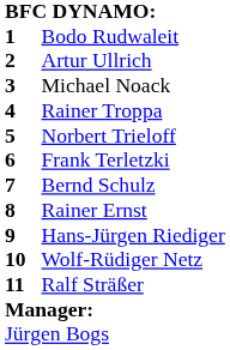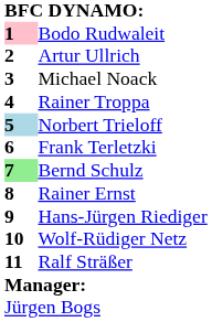 <table style="font-size: 90%" cellspacing="0" cellpadding="0">
 <tr>
 <td colspan="4"><strong>BFC DYNAMO:</strong></td>
 </tr>
 <tr>
 <th width="25"></th>
 </tr>
 <tr>
-<td><strong>1</strong></td>
+<td style="background: pink;"><strong>1</strong></td>
 <td> <a href='#'>Bodo Rudwaleit</a></td>
 </tr>
 <tr>
 <td><strong>2</strong></td>
 <td> <a href='#'>Artur Ullrich</a></td>
 </tr>
 <tr>
 <td><strong>3</strong></td>
 <td> Michael Noack</td>
 </tr>
 <tr>
 <td><strong>4</strong></td>
 <td> <a href='#'>Rainer Troppa</a></td>
 </tr>
 <tr>
-<td><strong>5</strong></td>
+<td style="background: lightblue;"><strong>5</strong></td>
 <td> <a href='#'>Norbert Trieloff</a></td>
 </tr>
 <tr>
 <td><strong>6</strong></td>
 <td>  <a href='#'>Frank Terletzki</a></td>
 </tr>
 <tr>
-<td><strong>7</strong></td>
+<td style="background: lightgreen;"><strong>7</strong></td>
 <td> <a href='#'>Bernd Schulz</a></td>
 </tr>
 <tr>
 <td><strong>8</strong></td>
 <td> <a href='#'>Rainer Ernst</a></td>
 </tr>
 <tr>
 <td><strong>9</strong></td>
 <td> <a href='#'>Hans-Jürgen Riediger</a></td>
 </tr>
 <tr>
 <td><strong>10</strong></td>
 <td> <a href='#'>Wolf-Rüdiger Netz</a></td>
 </tr>
 <tr>
 <td><strong>11</strong></td>
 <td> <a href='#'>Ralf Sträßer</a></td>
 </tr>
 <tr>
 <td colspan=4><strong>Manager:</strong></td>
 </tr>
 <tr>
 <td colspan="4"> <a href='#'>Jürgen Bogs</a></td>
 </tr>
 </table>
